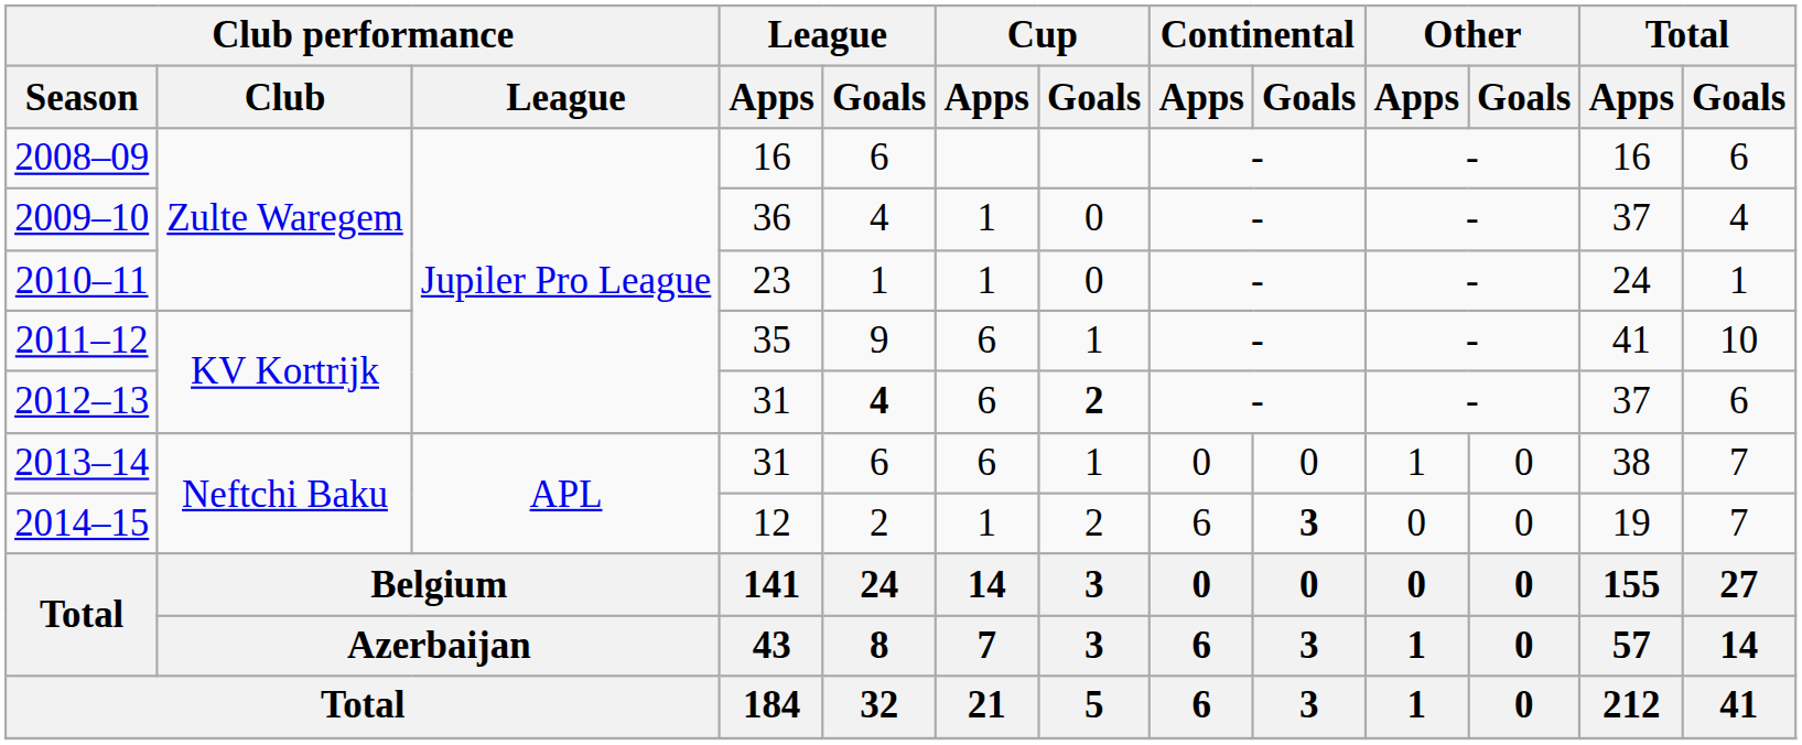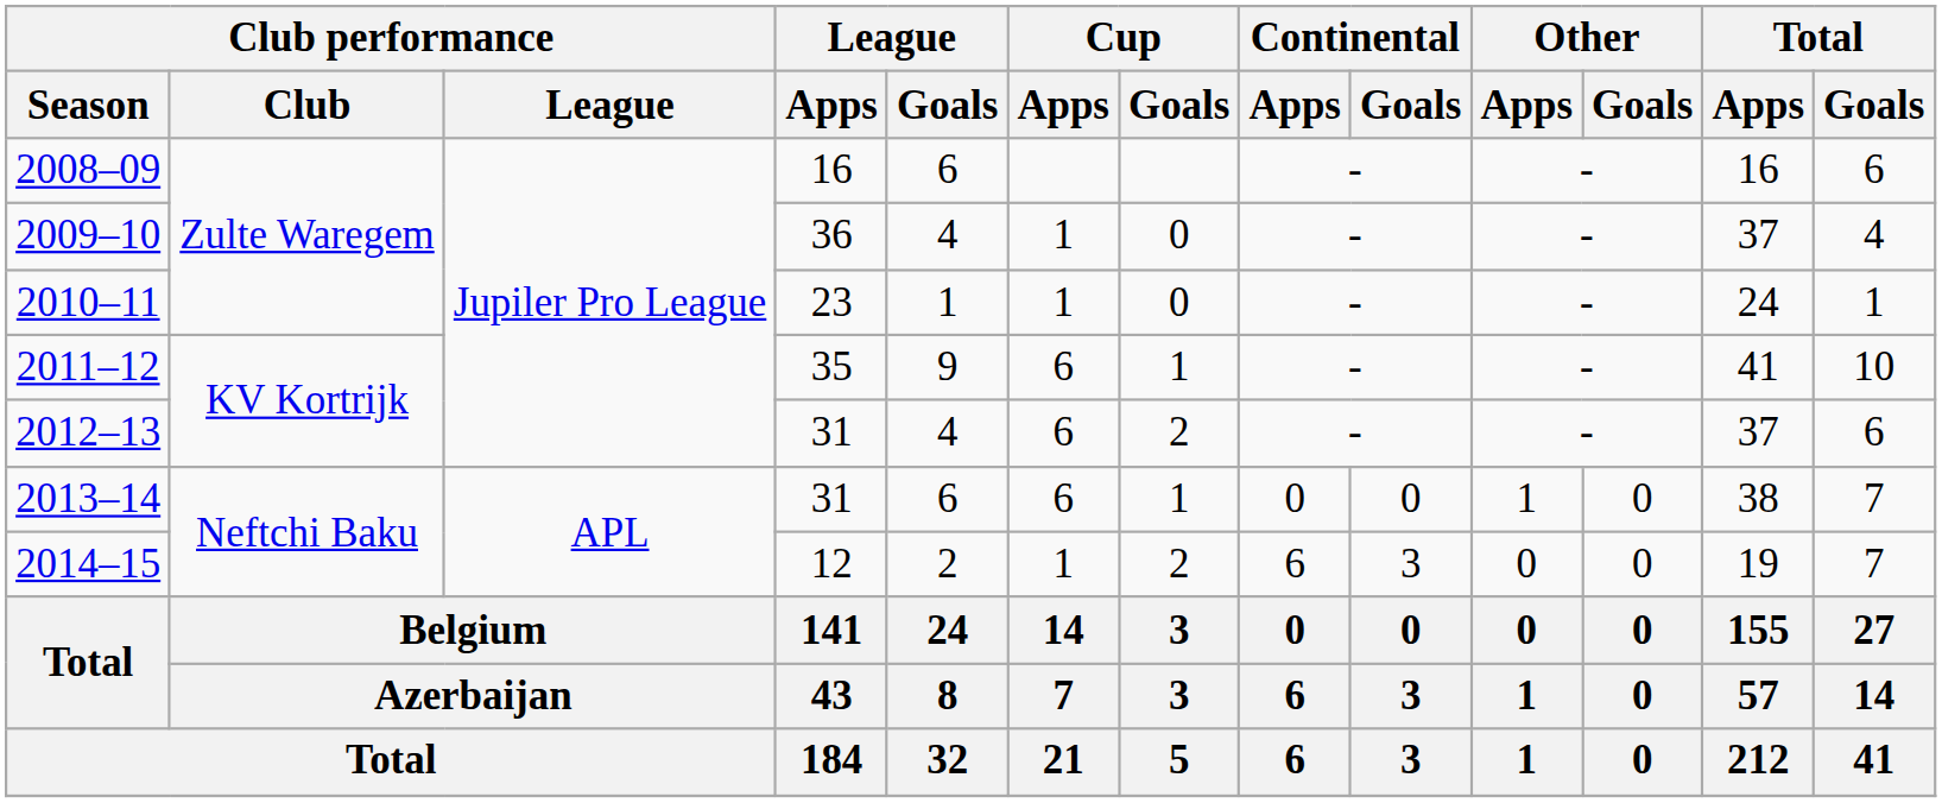 <table class="wikitable" style="text-align:center">
 <tr>
 <th colspan=3>Club performance</th>
 <th colspan=2>League</th>
 <th colspan=2>Cup</th>
 <th colspan=2>Continental</th>
 <th colspan=2>Other</th>
 <th colspan=2>Total</th>
 </tr>
 <tr>
 <th>Season</th>
 <th>Club</th>
 <th>League</th>
 <th>Apps</th>
 <th>Goals</th>
 <th>Apps</th>
 <th>Goals</th>
 <th>Apps</th>
 <th>Goals</th>
 <th>Apps</th>
 <th>Goals</th>
 <th>Apps</th>
 <th>Goals</th>
 </tr>
 <tr>
 <td><a href='#'>2008–09</a></td>
 <td rowspan=3><a href='#'>Zulte Waregem</a></td>
 <td rowspan=5><a href='#'>Jupiler Pro League</a></td>
 <td>16</td>
 <td>6</td>
 <td></td>
 <td></td>
 <td colspan="2">-</td>
 <td colspan="2">-</td>
 <td>16</td>
 <td>6</td>
 </tr>
 <tr>
 <td><a href='#'>2009–10</a></td>
 <td>36</td>
 <td>4</td>
 <td>1</td>
 <td>0</td>
 <td colspan="2">-</td>
 <td colspan="2">-</td>
 <td>37</td>
 <td>4</td>
 </tr>
 <tr>
 <td><a href='#'>2010–11</a></td>
 <td>23</td>
 <td>1</td>
 <td>1</td>
 <td>0</td>
 <td colspan="2">-</td>
 <td colspan="2">-</td>
 <td>24</td>
 <td>1</td>
 </tr>
 <tr>
 <td><a href='#'>2011–12</a></td>
 <td rowspan=2><a href='#'>KV Kortrijk</a></td>
 <td>35</td>
 <td>9</td>
 <td>6</td>
 <td>1</td>
 <td colspan="2">-</td>
 <td colspan="2">-</td>
 <td>41</td>
 <td>10</td>
 </tr>
 <tr>
 <td><a href='#'>2012–13</a></td>
 <td>31</td>
-<td><strong>4</strong></td>
+<td>4</td>
 <td>6</td>
-<td><strong>2</strong></td>
+<td>2</td>
 <td colspan="2">-</td>
 <td colspan="2">-</td>
 <td>37</td>
 <td>6</td>
 </tr>
 <tr>
 <td><a href='#'>2013–14</a></td>
 <td rowspan=2><a href='#'>Neftchi Baku</a></td>
 <td rowspan=2><a href='#'>APL</a></td>
 <td>31</td>
 <td>6</td>
 <td>6</td>
 <td>1</td>
 <td>0</td>
 <td>0</td>
 <td>1</td>
 <td>0</td>
 <td>38</td>
 <td>7</td>
 </tr>
 <tr>
 <td><a href='#'>2014–15</a></td>
 <td>12</td>
 <td>2</td>
 <td>1</td>
 <td>2</td>
 <td>6</td>
-<td><strong>3</strong></td>
+<td>3</td>
 <td>0</td>
 <td>0</td>
 <td>19</td>
 <td>7</td>
 </tr>
 <tr>
 <th rowspan=2>Total</th>
 <th colspan=2>Belgium</th>
 <th>141</th>
 <th>24</th>
 <th>14</th>
 <th>3</th>
 <th>0</th>
 <th>0</th>
 <th>0</th>
 <th>0</th>
 <th>155</th>
 <th>27</th>
 </tr>
 <tr>
 <th colspan=2>Azerbaijan</th>
 <th>43</th>
 <th>8</th>
 <th>7</th>
 <th>3</th>
 <th>6</th>
 <th>3</th>
 <th>1</th>
 <th>0</th>
 <th>57</th>
 <th>14</th>
 </tr>
 <tr>
 <th colspan=3>Total</th>
 <th>184</th>
 <th>32</th>
 <th>21</th>
 <th>5</th>
 <th>6</th>
 <th>3</th>
 <th>1</th>
 <th>0</th>
 <th>212</th>
 <th>41</th>
 </tr>
 <tr>
 </tr>
 </table>
